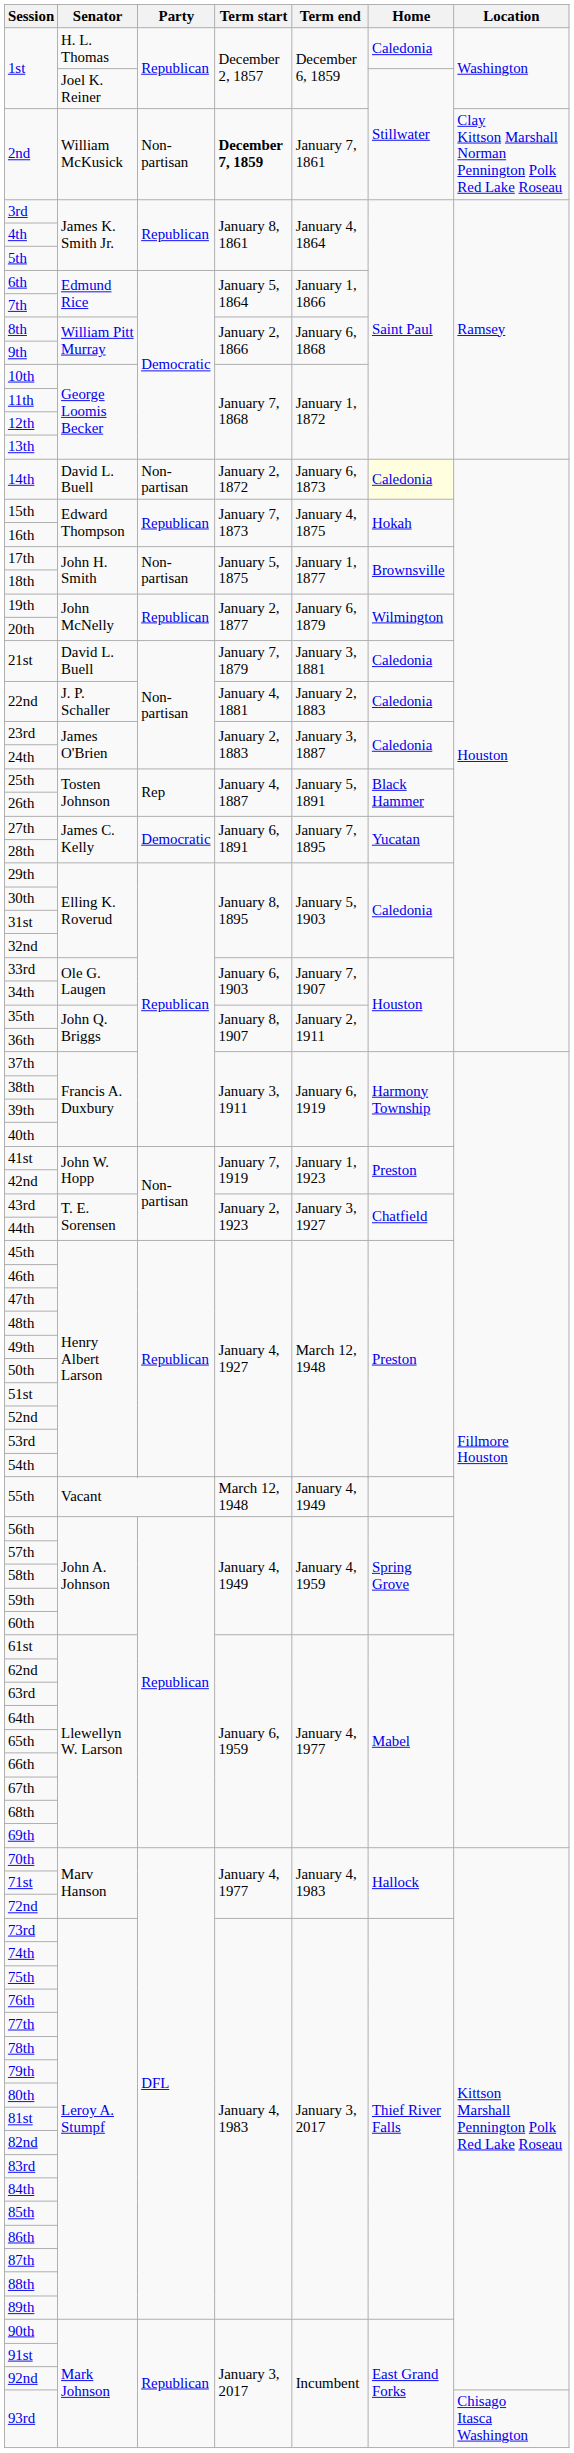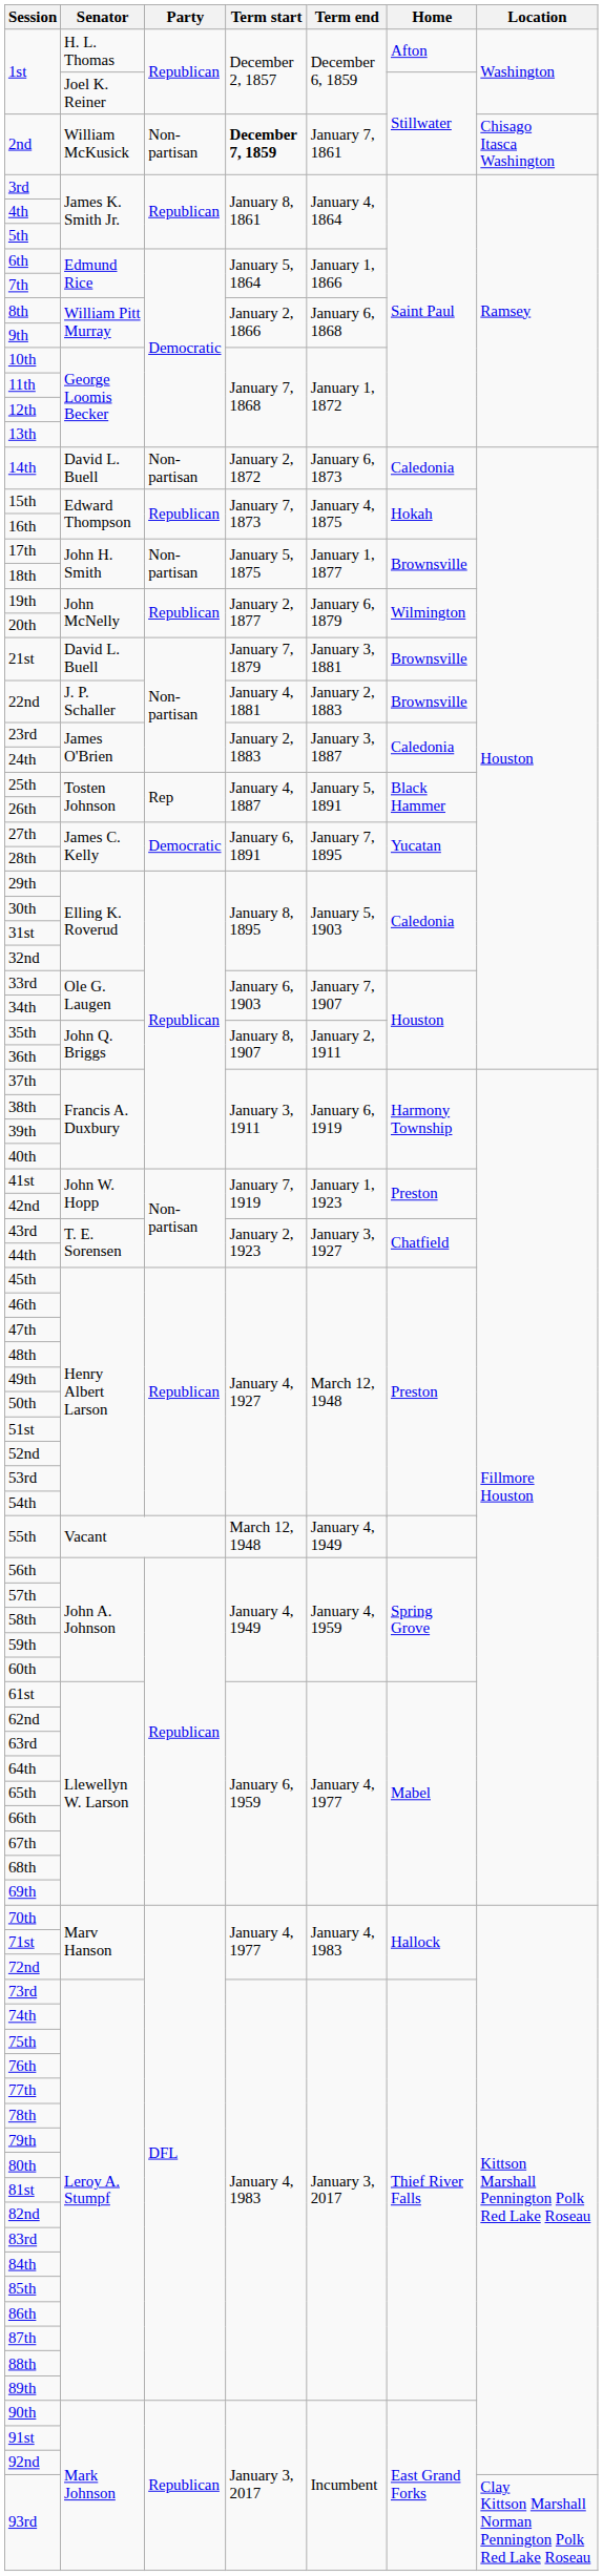 <table class="wikitable">
 <tr>
 <th>Session</th>
 <th>Senator</th>
 <th>Party</th>
 <th>Term start</th>
 <th>Term end</th>
 <th>Home</th>
 <th>Location</th>
 </tr>
 <tr>
 <td rowspan="2"><a href='#'>1st</a></td>
 <td>H. L. Thomas</td>
 <td rowspan="2" ><a href='#'>Republican</a></td>
 <td rowspan="2">December 2, 1857</td>
 <td rowspan="2">December 6, 1859</td>
-<td><a href='#'>Caledonia</a></td>
+<td><a href='#'>Afton</a></td>
 <td rowspan="2"><a href='#'>Washington</a></td>
 </tr>
 <tr>
 <td>Joel K. Reiner</td>
 <td rowspan="2"><a href='#'>Stillwater</a></td>
 </tr>
 <tr>
 <td><a href='#'>2nd</a></td>
 <td>William McKusick</td>
 <td>Non-partisan</td>
 <td><strong>December 7, 1859</strong></td>
 <td>January 7, 1861</td>
-<td><a href='#'>Clay</a><br><a href='#'>Kittson</a> <a href='#'>Marshall</a> <a href='#'>Norman</a> <a href='#'>Pennington</a> <a href='#'>Polk</a> <a href='#'>Red Lake</a> <a href='#'>Roseau</a></td>
+<td><a href='#'>Chisago</a><br><a href='#'>Itasca</a><br><a href='#'>Washington</a></td>
 </tr>
 <tr>
 <td><a href='#'>3rd</a></td>
 <td rowspan="3">James K. Smith Jr.</td>
 <td rowspan="3" ><a href='#'>Republican</a></td>
 <td rowspan="3">January 8, 1861</td>
 <td rowspan="3">January 4, 1864</td>
 <td rowspan="11"><a href='#'>Saint Paul</a></td>
 <td rowspan="11"><a href='#'>Ramsey</a></td>
 </tr>
 <tr>
 <td><a href='#'>4th</a></td>
 </tr>
 <tr>
 <td><a href='#'>5th</a></td>
 </tr>
 <tr>
 <td><a href='#'>6th</a></td>
 <td rowspan="2"> <a href='#'>Edmund Rice</a></td>
 <td rowspan="8" ><a href='#'>Democratic</a></td>
 <td rowspan="2">January 5, 1864</td>
 <td rowspan="2">January 1, 1866</td>
 </tr>
 <tr>
 <td><a href='#'>7th</a></td>
 </tr>
 <tr>
 <td><a href='#'>8th</a></td>
 <td rowspan="2"><a href='#'>William Pitt Murray</a></td>
 <td rowspan="2">January 2, 1866</td>
 <td rowspan="2">January 6, 1868</td>
 </tr>
 <tr>
 <td><a href='#'>9th</a></td>
 </tr>
 <tr>
 <td><a href='#'>10th</a></td>
 <td rowspan="4"> <a href='#'>George Loomis Becker</a></td>
 <td rowspan="4">January 7, 1868</td>
 <td rowspan="4">January 1, 1872</td>
 </tr>
 <tr>
 <td><a href='#'>11th</a></td>
 </tr>
 <tr>
 <td><a href='#'>12th</a></td>
 </tr>
 <tr>
 <td><a href='#'>13th</a></td>
 </tr>
 <tr>
 <td><a href='#'>14th</a></td>
 <td>David L. Buell</td>
 <td>Non-partisan</td>
 <td>January 2, 1872</td>
 <td>January 6, 1873</td>
-<td style="background: lightyellow;"><a href='#'>Caledonia</a></td>
+<td><a href='#'>Caledonia</a></td>
 <td rowspan="23"><a href='#'>Houston</a></td>
 </tr>
 <tr>
 <td>15th</td>
 <td rowspan="2">Edward Thompson</td>
 <td rowspan="2" ><a href='#'>Republican</a></td>
 <td rowspan="2">January 7, 1873</td>
 <td rowspan="2">January 4, 1875</td>
 <td rowspan="2"><a href='#'>Hokah</a></td>
 </tr>
 <tr>
 <td>16th</td>
 </tr>
 <tr>
 <td>17th</td>
 <td rowspan="2">John H. Smith</td>
 <td rowspan="2" >Non-partisan</td>
 <td rowspan="2">January 5, 1875</td>
 <td rowspan="2">January 1, 1877</td>
 <td rowspan="2"><a href='#'>Brownsville</a></td>
 </tr>
 <tr>
 <td>18th</td>
 </tr>
 <tr>
 <td>19th</td>
 <td rowspan="2">John McNelly</td>
 <td rowspan="2" ><a href='#'>Republican</a></td>
 <td rowspan="2">January 2, 1877</td>
 <td rowspan="2">January 6, 1879</td>
 <td rowspan="2"><a href='#'>Wilmington</a></td>
 </tr>
 <tr>
 <td>20th</td>
 </tr>
 <tr>
 <td>21st</td>
 <td>David L. Buell</td>
 <td rowspan="4" >Non-partisan</td>
 <td>January 7, 1879</td>
 <td>January 3, 1881</td>
-<td><a href='#'>Caledonia</a></td>
+<td><a href='#'>Brownsville</a></td>
 </tr>
 <tr>
 <td>22nd</td>
 <td>J. P. Schaller</td>
 <td>January 4, 1881</td>
 <td>January 2, 1883</td>
-<td><a href='#'>Caledonia</a></td>
+<td><a href='#'>Brownsville</a></td>
 </tr>
 <tr>
 <td>23rd</td>
 <td rowspan="2">James O'Brien</td>
 <td rowspan="2">January 2, 1883</td>
 <td rowspan="2">January 3, 1887</td>
 <td rowspan="2"><a href='#'>Caledonia</a></td>
 </tr>
 <tr>
 <td>24th</td>
 </tr>
 <tr>
 <td>25th</td>
 <td rowspan="2">Tosten Johnson</td>
 <td rowspan="2" >Rep</td>
 <td rowspan="2">January 4, 1887</td>
 <td rowspan="2">January 5, 1891</td>
 <td rowspan="2"><a href='#'>Black Hammer</a></td>
 </tr>
 <tr>
 <td>26th</td>
 </tr>
 <tr>
 <td>27th</td>
 <td rowspan="2">James C. Kelly</td>
 <td rowspan="2" ><a href='#'>Democratic</a></td>
 <td rowspan="2">January 6, 1891</td>
 <td rowspan="2">January 7, 1895</td>
 <td rowspan="2"><a href='#'>Yucatan</a></td>
 </tr>
 <tr>
 <td>28th</td>
 </tr>
 <tr>
 <td>29th</td>
 <td rowspan="4">Elling K. Roverud</td>
 <td rowspan="12" ><a href='#'>Republican</a></td>
 <td rowspan="4">January 8, 1895</td>
 <td rowspan="4">January 5, 1903</td>
 <td rowspan="4"><a href='#'>Caledonia</a></td>
 </tr>
 <tr>
 <td>30th</td>
 </tr>
 <tr>
 <td>31st</td>
 </tr>
 <tr>
 <td>32nd</td>
 </tr>
 <tr>
 <td>33rd</td>
 <td rowspan="2">Ole G. Laugen</td>
 <td rowspan="2">January 6, 1903</td>
 <td rowspan="2">January 7, 1907</td>
 <td rowspan="4"><a href='#'>Houston</a></td>
 </tr>
 <tr>
 <td>34th</td>
 </tr>
 <tr>
 <td>35th</td>
 <td rowspan="2">John Q. Briggs</td>
 <td rowspan="2">January 8, 1907</td>
 <td rowspan="2">January 2, 1911</td>
 </tr>
 <tr>
 <td>36th</td>
 </tr>
 <tr>
 <td>37th</td>
 <td rowspan="4">Francis A. Duxbury</td>
 <td rowspan="4">January 3, 1911</td>
 <td rowspan="4">January 6, 1919</td>
 <td rowspan="4"><a href='#'>Harmony Township</a></td>
 <td rowspan="34"><a href='#'>Fillmore</a><br><a href='#'>Houston</a></td>
 </tr>
 <tr>
 <td>38th</td>
 </tr>
 <tr>
 <td>39th</td>
 </tr>
 <tr>
 <td>40th</td>
 </tr>
 <tr>
 <td>41st</td>
 <td rowspan="2">John W. Hopp</td>
 <td rowspan="4" >Non-partisan</td>
 <td rowspan="2">January 7, 1919</td>
 <td rowspan="2">January 1, 1923</td>
 <td rowspan="2"><a href='#'>Preston</a></td>
 </tr>
 <tr>
 <td>42nd</td>
 </tr>
 <tr>
 <td>43rd</td>
 <td rowspan="2">T. E. Sorensen</td>
 <td rowspan="2">January 2, 1923</td>
 <td rowspan="2">January 3, 1927</td>
 <td rowspan="2"><a href='#'>Chatfield</a></td>
 </tr>
 <tr>
 <td>44th</td>
 </tr>
 <tr>
 <td>45th</td>
 <td rowspan="11">Henry Albert Larson</td>
 <td rowspan="11" ><a href='#'>Republican</a></td>
 <td rowspan="11">January 4, 1927</td>
 <td rowspan="11">March 12, 1948</td>
 <td rowspan="11"><a href='#'>Preston</a></td>
 </tr>
 <tr>
 <td>46th</td>
 </tr>
 <tr>
 <td>47th</td>
 </tr>
 <tr>
 <td>48th</td>
 </tr>
 <tr>
 <td>49th</td>
 </tr>
 <tr>
 <td>50th</td>
 </tr>
 <tr>
 <td>51st</td>
 </tr>
 <tr>
 <td>52nd</td>
 </tr>
 <tr>
 <td>53rd</td>
 </tr>
 <tr>
 <td>54th</td>
 </tr>
 <tr>
 <td rowspan="2">55th</td>
 </tr>
 <tr>
 <td colspan="2">Vacant</td>
 <td>March 12, 1948</td>
 <td>January 4, 1949</td>
 <td></td>
 </tr>
 <tr>
 <td>56th</td>
 <td rowspan="5">John A. Johnson</td>
 <td rowspan="14" ><a href='#'>Republican</a></td>
 <td rowspan="5">January 4, 1949</td>
 <td rowspan="5">January 4, 1959</td>
 <td rowspan="5"><a href='#'>Spring Grove</a></td>
 </tr>
 <tr>
 <td>57th</td>
 </tr>
 <tr>
 <td>58th</td>
 </tr>
 <tr>
 <td>59th</td>
 </tr>
 <tr>
 <td>60th</td>
 </tr>
 <tr>
 <td>61st</td>
 <td rowspan="9">Llewellyn W. Larson</td>
 <td rowspan="9">January 6, 1959</td>
 <td rowspan="9">January 4, 1977</td>
 <td rowspan="9"><a href='#'>Mabel</a></td>
 </tr>
 <tr>
 <td>62nd</td>
 </tr>
 <tr>
 <td>63rd</td>
 </tr>
 <tr>
 <td>64th</td>
 </tr>
 <tr>
 <td>65th</td>
 </tr>
 <tr>
 <td>66th</td>
 </tr>
 <tr>
 <td>67th</td>
 </tr>
 <tr>
 <td>68th</td>
 </tr>
 <tr>
 <td><a href='#'>69th</a></td>
 </tr>
 <tr>
 <td><a href='#'>70th</a></td>
 <td rowspan="3">Marv Hanson</td>
 <td rowspan="20" ><a href='#'>DFL</a></td>
 <td rowspan="3">January 4, 1977</td>
 <td rowspan="3">January 4, 1983</td>
 <td rowspan="3"><a href='#'>Hallock</a></td>
 <td rowspan="23"><a href='#'>Kittson</a><br><a href='#'>Marshall</a> <a href='#'>Pennington</a> <a href='#'>Polk</a> <a href='#'>Red Lake</a> <a href='#'>Roseau</a></td>
 </tr>
 <tr>
 <td><a href='#'>71st</a></td>
 </tr>
 <tr>
 <td><a href='#'>72nd</a></td>
 </tr>
 <tr>
 <td><a href='#'>73rd</a></td>
 <td rowspan="17"><a href='#'>Leroy A. Stumpf</a></td>
 <td rowspan="17">January 4, 1983</td>
 <td rowspan="17">January 3, 2017</td>
 <td rowspan="17"><a href='#'>Thief River Falls</a></td>
 </tr>
 <tr>
 <td><a href='#'>74th</a></td>
 </tr>
 <tr>
 <td><a href='#'>75th</a></td>
 </tr>
 <tr>
 <td><a href='#'>76th</a></td>
 </tr>
 <tr>
 <td><a href='#'>77th</a></td>
 </tr>
 <tr>
 <td><a href='#'>78th</a></td>
 </tr>
 <tr>
 <td><a href='#'>79th</a></td>
 </tr>
 <tr>
 <td><a href='#'>80th</a></td>
 </tr>
 <tr>
 <td><a href='#'>81st</a></td>
 </tr>
 <tr>
 <td><a href='#'>82nd</a></td>
 </tr>
 <tr>
 <td><a href='#'>83rd</a></td>
 </tr>
 <tr>
 <td><a href='#'>84th</a></td>
 </tr>
 <tr>
 <td><a href='#'>85th</a></td>
 </tr>
 <tr>
 <td><a href='#'>86th</a></td>
 </tr>
 <tr>
 <td><a href='#'>87th</a></td>
 </tr>
 <tr>
 <td><a href='#'>88th</a></td>
 </tr>
 <tr>
 <td><a href='#'>89th</a></td>
 </tr>
 <tr>
 <td><a href='#'>90th</a></td>
 <td rowspan="4"> <a href='#'>Mark Johnson</a></td>
 <td rowspan=4 ><a href='#'>Republican</a></td>
 <td rowspan="4">January 3, 2017</td>
 <td rowspan="4">Incumbent</td>
 <td rowspan="4"><a href='#'>East Grand Forks</a></td>
 </tr>
 <tr>
 <td><a href='#'>91st</a></td>
 </tr>
 <tr>
 <td><a href='#'>92nd</a></td>
 </tr>
 <tr>
 <td><a href='#'>93rd</a></td>
-<td><a href='#'>Chisago</a><br><a href='#'>Itasca</a><br><a href='#'>Washington</a></td>
+<td><a href='#'>Clay</a><br><a href='#'>Kittson</a> <a href='#'>Marshall</a> <a href='#'>Norman</a> <a href='#'>Pennington</a> <a href='#'>Polk</a> <a href='#'>Red Lake</a> <a href='#'>Roseau</a></td>
 </tr>
 </table>
